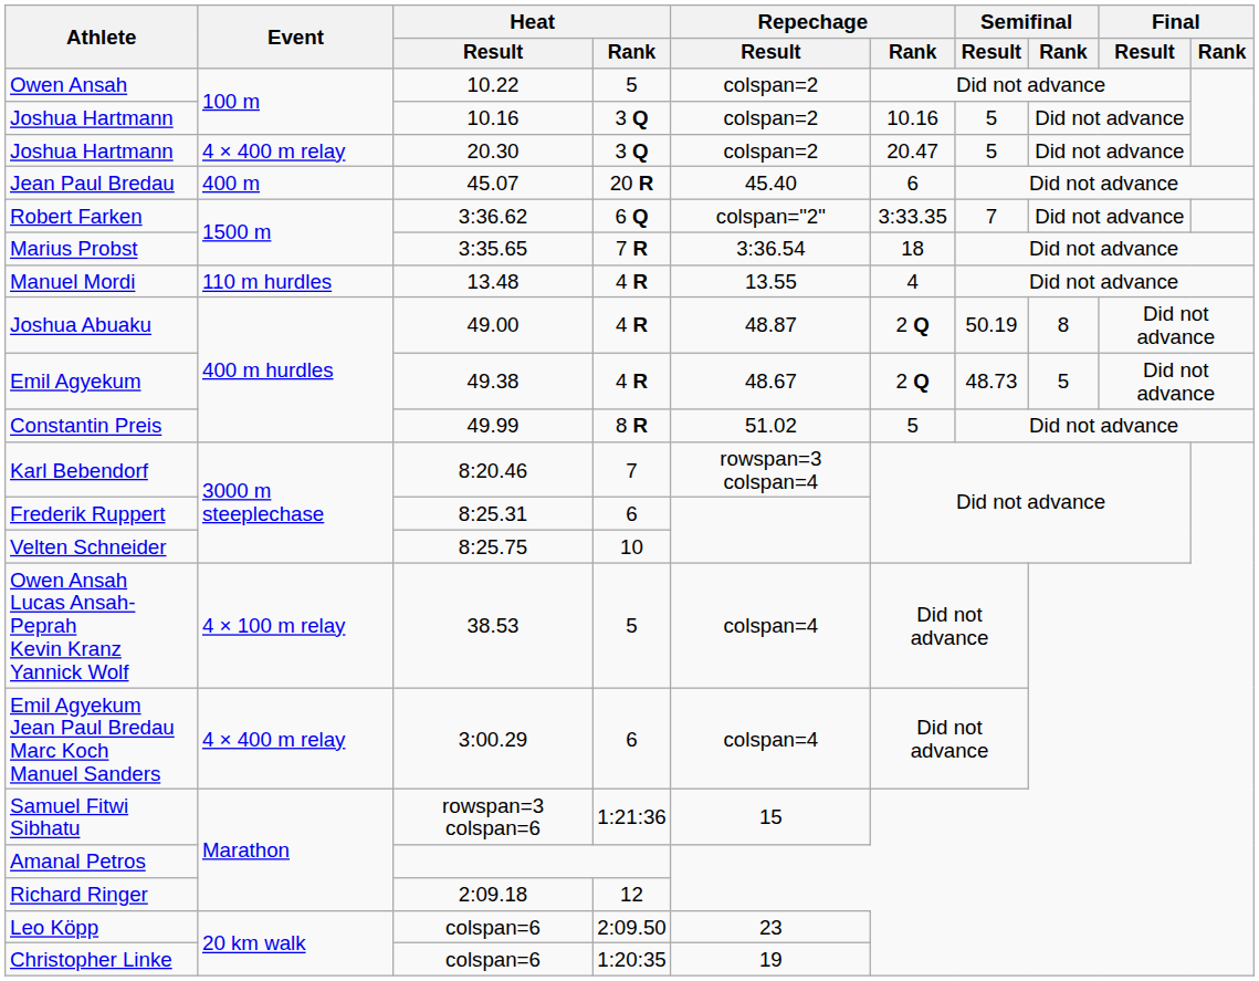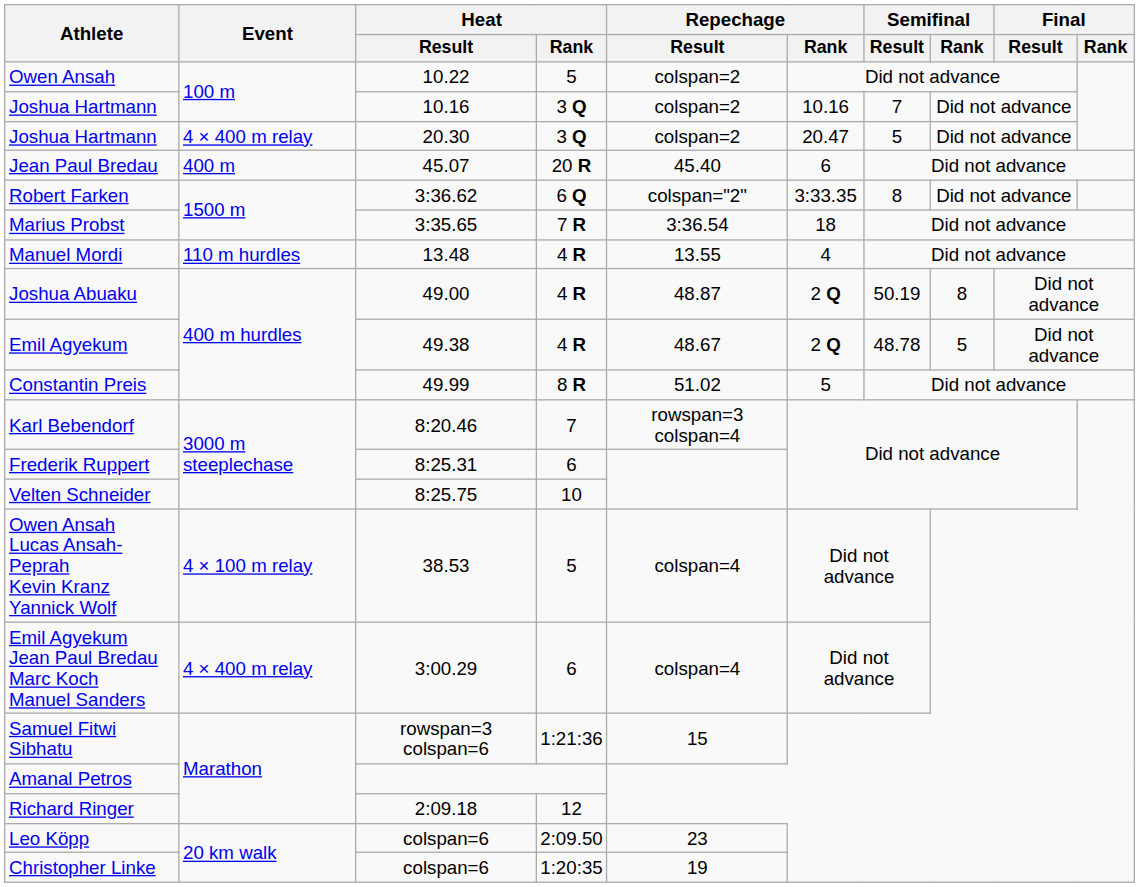 <table class="wikitable" style="font-size:90%">
 <tr>
 <th rowspan="2">Athlete</th>
 <th rowspan="2">Event</th>
 <th colspan="2">Heat</th>
 <th colspan="2">Repechage</th>
 <th colspan="2">Semifinal</th>
 <th colspan="2">Final</th>
 </tr>
 <tr style="font-size:95%">
 <th>Result</th>
 <th>Rank</th>
 <th>Result</th>
 <th>Rank</th>
 <th>Result</th>
 <th>Rank</th>
 <th>Result</th>
 <th>Rank</th>
 </tr>
 <tr align=center>
 <td align=left><a href='#'>Owen Ansah</a></td>
 <td align=left rowspan=2><a href='#'>100 m</a></td>
 <td>10.22</td>
 <td>5</td>
 <td>colspan=2 </td>
 <td colspan=4>Did not advance</td>
 </tr>
 <tr align=center>
 <td align=left><a href='#'>Joshua Hartmann</a></td>
 <td>10.16</td>
 <td>3 <strong>Q</strong></td>
 <td>colspan=2 </td>
 <td>10.16</td>
-<td>5</td>
+<td>7</td>
 <td colspan=2>Did not advance</td>
 </tr>
 <tr align=center>
 <td align=left><a href='#'>Joshua Hartmann</a></td>
 <td align=left><a href='#'>4 × 400 m relay</a></td>
 <td>20.30</td>
 <td>3 <strong>Q</strong></td>
 <td>colspan=2 </td>
 <td>20.47</td>
 <td>5</td>
 <td colspan=2>Did not advance</td>
 </tr>
 <tr align=center>
 <td align=left><a href='#'>Jean Paul Bredau</a></td>
 <td align=left><a href='#'>400 m</a></td>
 <td>45.07</td>
 <td>20 <strong>R</strong></td>
 <td>45.40</td>
 <td>6</td>
 <td colspan=4>Did not advance</td>
 </tr>
 <tr align=center>
 <td align=left><a href='#'>Robert Farken</a></td>
 <td align=left rowspan=2><a href='#'>1500 m</a></td>
 <td>3:36.62</td>
 <td>6 <strong>Q</strong></td>
 <td>colspan="2" </td>
 <td>3:33.35</td>
-<td>7</td>
+<td>8</td>
 <td colspan=2>Did not advance</td>
 </tr>
 <tr align=center>
 <td align=left><a href='#'>Marius Probst</a></td>
 <td>3:35.65</td>
 <td>7 <strong>R</strong></td>
 <td>3:36.54</td>
 <td>18</td>
 <td colspan=4>Did not advance</td>
 </tr>
 <tr align=center>
 <td align=left><a href='#'>Manuel Mordi</a></td>
 <td align=left><a href='#'>110 m hurdles</a></td>
 <td>13.48</td>
 <td>4 <strong>R</strong></td>
 <td>13.55</td>
 <td>4</td>
 <td colspan=4>Did not advance</td>
 </tr>
 <tr align=center>
 <td align=left><a href='#'>Joshua Abuaku</a></td>
 <td align=left rowspan=3><a href='#'>400 m hurdles</a></td>
 <td>49.00</td>
 <td>4 <strong>R</strong></td>
 <td>48.87 <strong></strong></td>
 <td>2 <strong>Q</strong></td>
 <td>50.19</td>
 <td>8</td>
 <td colspan=2>Did not advance</td>
 </tr>
 <tr align=center>
 <td align=left><a href='#'>Emil Agyekum</a></td>
 <td>49.38</td>
 <td>4 <strong>R</strong></td>
 <td>48.67</td>
 <td>2 <strong>Q</strong></td>
-<td>48.73</td>
+<td>48.78</td>
 <td>5</td>
 <td colspan=2>Did not advance</td>
 </tr>
 <tr align=center>
 <td align=left><a href='#'>Constantin Preis</a></td>
 <td>49.99</td>
 <td>8 <strong>R</strong></td>
 <td>51.02</td>
 <td>5</td>
 <td colspan=4>Did not advance</td>
 </tr>
 <tr align=center>
 <td align=left><a href='#'>Karl Bebendorf</a></td>
 <td align=left rowspan=3><a href='#'>3000 m steeplechase</a></td>
 <td>8:20.46</td>
 <td>7</td>
 <td>rowspan=3 colspan=4</td>
 <td rowspan=3 colspan=4>Did not advance</td>
 </tr>
 <tr align=center>
 <td align=left><a href='#'>Frederik Ruppert</a></td>
 <td>8:25.31</td>
 <td>6</td>
 </tr>
 <tr align=center>
 <td align=left><a href='#'>Velten Schneider</a></td>
 <td>8:25.75</td>
 <td>10</td>
 </tr>
 <tr align=center>
 <td align=left><a href='#'>Owen Ansah</a><br><a href='#'>Lucas Ansah-Peprah</a><br><a href='#'>Kevin Kranz</a><br><a href='#'>Yannick Wolf</a></td>
 <td align=left><a href='#'>4 × 100 m relay</a></td>
 <td>38.53</td>
 <td>5</td>
 <td>colspan=4</td>
 <td colspan=2>Did not advance</td>
 </tr>
 <tr align=center>
 <td align=left><a href='#'>Emil Agyekum</a><br><a href='#'>Jean Paul Bredau</a><br><a href='#'>Marc Koch</a><br><a href='#'>Manuel Sanders</a></td>
 <td align=left><a href='#'>4 × 400 m relay</a></td>
 <td>3:00.29 <strong></strong></td>
 <td>6</td>
 <td>colspan=4</td>
 <td colspan=2>Did not advance</td>
 </tr>
 <tr align=center>
 <td align=left><a href='#'>Samuel Fitwi Sibhatu</a></td>
 <td align=left rowspan=3><a href='#'>Marathon</a></td>
 <td>rowspan=3 colspan=6 </td>
 <td>1:21:36</td>
 <td>15</td>
 </tr>
 <tr align=center>
 <td align=left><a href='#'>Amanal Petros</a></td>
 <td colspan=2></td>
 </tr>
 <tr align=center>
 <td align=left><a href='#'>Richard Ringer</a></td>
 <td>2:09.18 <strong></strong></td>
 <td>12</td>
 </tr>
 <tr align=center>
 <td align=left><a href='#'>Leo Köpp</a></td>
 <td align=left rowspan=2><a href='#'>20 km walk</a></td>
 <td>colspan=6 </td>
 <td>2:09.50</td>
 <td>23</td>
 </tr>
 <tr align=center>
 <td align=left><a href='#'>Christopher Linke</a></td>
 <td>colspan=6 </td>
 <td>1:20:35</td>
 <td>19</td>
 </tr>
 </table>
